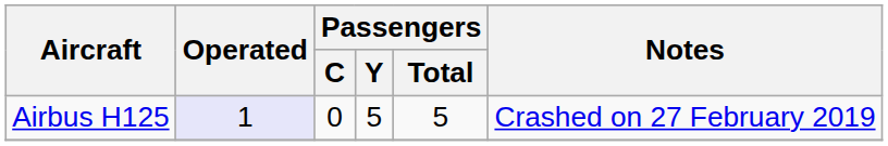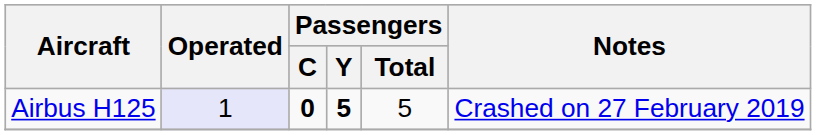 <table class="wikitable" style="margin:1em auto; border-collapse:collapse; text-align: center">
 <tr>
 <th rowspan=2>Aircraft</th>
 <th rowspan=2>Operated</th>
 <th colspan=3>Passengers</th>
 <th rowspan=2>Notes</th>
 </tr>
 <tr>
 <th><abbr>C</abbr></th>
 <th><abbr>Y</abbr></th>
 <th>Total</th>
 </tr>
 <tr>
 <td align=left><a href='#'>Airbus H125</a></td>
 <td style="background: lavender;">1</td>
-<td>0</td>
-<td>5</td>
+<td><strong>0</strong></td>
+<td><strong>5</strong></td>
 <td>5</td>
 <td><a href='#'>Crashed on 27 February 2019</a></td>
 </tr>
 <tr>
 </tr>
 </table>
